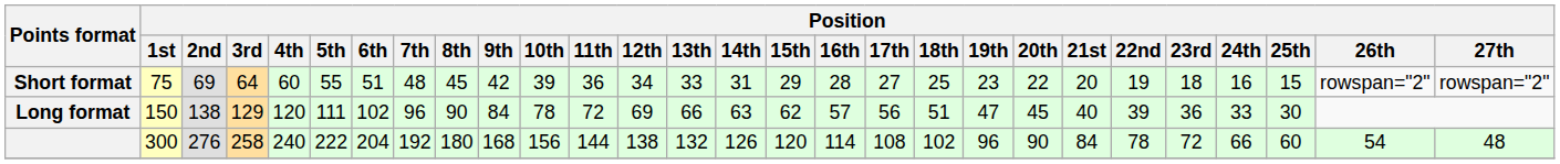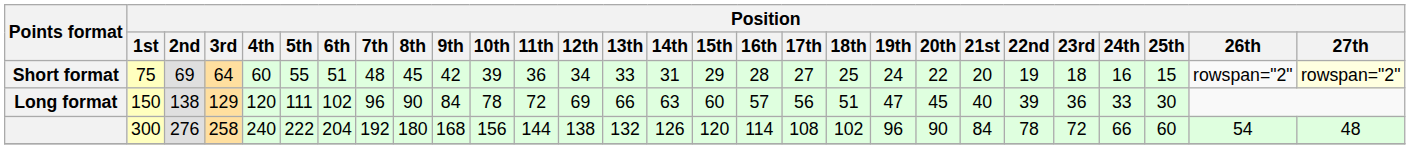 <table class="wikitable" style="font-size:85%; text-align:center">
 <tr style="background:#f9f9f9">
 <th rowspan="2">Points format</th>
 <th colspan="28">Position</th>
 </tr>
 <tr>
 <th>1st</th>
 <th>2nd</th>
 <th>3rd</th>
 <th>4th</th>
 <th>5th</th>
 <th>6th</th>
 <th>7th</th>
 <th>8th</th>
 <th>9th</th>
 <th>10th</th>
 <th>11th</th>
 <th>12th</th>
 <th>13th</th>
 <th>14th</th>
 <th>15th</th>
 <th>16th</th>
 <th>17th</th>
 <th>18th</th>
 <th>19th</th>
 <th>20th</th>
 <th>21st</th>
 <th>22nd</th>
 <th>23rd</th>
 <th>24th</th>
 <th>25th</th>
 <th>26th</th>
 <th>27th</th>
 </tr>
 <tr>
 <th>Short format</th>
 <td style="background:#ffffbf;">75</td>
 <td style="background:#dfdfdf;">69</td>
 <td style="background:#ffdf9f;">64</td>
 <td style="background:#dfffdf;">60</td>
 <td style="background:#dfffdf;">55</td>
 <td style="background:#dfffdf;">51</td>
 <td style="background:#dfffdf;">48</td>
 <td style="background:#dfffdf;">45</td>
 <td style="background:#dfffdf;">42</td>
 <td style="background:#dfffdf;">39</td>
 <td style="background:#dfffdf;">36</td>
 <td style="background:#dfffdf;">34</td>
 <td style="background:#dfffdf;">33</td>
 <td style="background:#dfffdf;">31</td>
 <td style="background:#dfffdf;">29</td>
 <td style="background:#dfffdf;">28</td>
 <td style="background:#dfffdf;">27</td>
 <td style="background:#dfffdf;">25</td>
-<td style="background:#dfffdf;">23</td>
+<td style="background:#dfffdf;">24</td>
 <td style="background:#dfffdf;">22</td>
 <td style="background:#dfffdf;">20</td>
 <td style="background:#dfffdf;">19</td>
 <td style="background:#dfffdf;">18</td>
 <td style="background:#dfffdf;">16</td>
 <td style="background:#dfffdf;">15</td>
 <td>rowspan="2" </td>
-<td>rowspan="2" </td>
+<td style="background: lightyellow;">rowspan="2" </td>
 </tr>
 <tr>
 <th>Long format</th>
 <td style="background:#ffffbf;">150</td>
 <td style="background:#dfdfdf;">138</td>
 <td style="background:#ffdf9f;">129</td>
 <td style="background:#dfffdf;">120</td>
 <td style="background:#dfffdf;">111</td>
 <td style="background:#dfffdf;">102</td>
 <td style="background:#dfffdf;">96</td>
 <td style="background:#dfffdf;">90</td>
 <td style="background:#dfffdf;">84</td>
 <td style="background:#dfffdf;">78</td>
 <td style="background:#dfffdf;">72</td>
 <td style="background:#dfffdf;">69</td>
 <td style="background:#dfffdf;">66</td>
 <td style="background:#dfffdf;">63</td>
-<td style="background:#dfffdf;">62</td>
+<td style="background:#dfffdf;">60</td>
 <td style="background:#dfffdf;">57</td>
 <td style="background:#dfffdf;">56</td>
 <td style="background:#dfffdf;">51</td>
 <td style="background:#dfffdf;">47</td>
 <td style="background:#dfffdf;">45</td>
 <td style="background:#dfffdf;">40</td>
 <td style="background:#dfffdf;">39</td>
 <td style="background:#dfffdf;">36</td>
 <td style="background:#dfffdf;">33</td>
 <td style="background:#dfffdf;">30</td>
 </tr>
 <tr>
 <th></th>
 <td style="background:#ffffbf;">300</td>
 <td style="background:#dfdfdf;">276</td>
 <td style="background:#ffdf9f;">258</td>
 <td style="background:#dfffdf;">240</td>
 <td style="background:#dfffdf;">222</td>
 <td style="background:#dfffdf;">204</td>
 <td style="background:#dfffdf;">192</td>
 <td style="background:#dfffdf;">180</td>
 <td style="background:#dfffdf;">168</td>
 <td style="background:#dfffdf;">156</td>
 <td style="background:#dfffdf;">144</td>
 <td style="background:#dfffdf;">138</td>
 <td style="background:#dfffdf;">132</td>
 <td style="background:#dfffdf;">126</td>
 <td style="background:#dfffdf;">120</td>
 <td style="background:#dfffdf;">114</td>
 <td style="background:#dfffdf;">108</td>
 <td style="background:#dfffdf;">102</td>
 <td style="background:#dfffdf;">96</td>
 <td style="background:#dfffdf;">90</td>
 <td style="background:#dfffdf;">84</td>
 <td style="background:#dfffdf;">78</td>
 <td style="background:#dfffdf;">72</td>
 <td style="background:#dfffdf;">66</td>
 <td style="background:#dfffdf;">60</td>
 <td style="background:#dfffdf;">54</td>
 <td style="background:#dfffdf;">48</td>
 </tr>
 <tr>
 </tr>
 </table>
